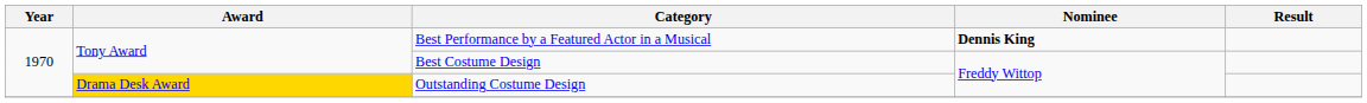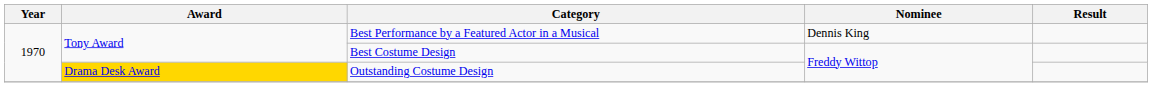 <table class="wikitable" width="95%">
 <tr>
 <th width="5%">Year</th>
 <th width="25%">Award</th>
 <th width="40%">Category</th>
 <th width="20%">Nominee</th>
 <th width="10%">Result</th>
 </tr>
 <tr>
 <td rowspan="3" align="center">1970</td>
 <td rowspan=2><a href='#'>Tony Award</a></td>
 <td><a href='#'>Best Performance by a Featured Actor in a Musical</a></td>
-<td><strong>Dennis King</strong></td>
+<td>Dennis King</td>
 <td></td>
 </tr>
 <tr>
 <td><a href='#'>Best Costume Design</a></td>
 <td rowspan=2><a href='#'>Freddy Wittop</a></td>
 <td></td>
 </tr>
 <tr>
 <td style="background: gold;"><a href='#'>Drama Desk Award</a></td>
 <td><a href='#'>Outstanding Costume Design</a></td>
 <td></td>
 </tr>
 <tr>
 </tr>
 </table>
